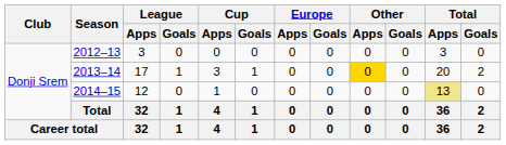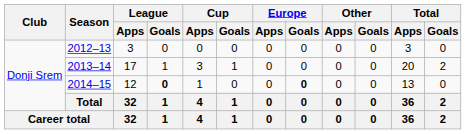 <table class="wikitable" style="text-align:center">
 <tr>
 <th rowspan="2">Club</th>
 <th rowspan="2">Season</th>
 <th colspan="2">League</th>
 <th colspan="2">Cup</th>
 <th colspan="2"><a href='#'>Europe</a></th>
 <th colspan="2">Other</th>
 <th colspan="2">Total</th>
 </tr>
 <tr>
 <th>Apps</th>
 <th>Goals</th>
 <th>Apps</th>
 <th>Goals</th>
 <th>Apps</th>
 <th>Goals</th>
 <th>Apps</th>
 <th>Goals</th>
 <th>Apps</th>
 <th>Goals</th>
 </tr>
 <tr>
 <td rowspan="4"><a href='#'>Donji Srem</a></td>
 <td><a href='#'>2012–13</a></td>
 <td>3</td>
 <td>0</td>
 <td>0</td>
 <td>0</td>
 <td>0</td>
 <td>0</td>
 <td>0</td>
 <td>0</td>
 <td>3</td>
 <td>0</td>
 </tr>
 <tr>
 <td><a href='#'>2013–14</a></td>
 <td>17</td>
 <td>1</td>
 <td>3</td>
 <td>1</td>
 <td>0</td>
 <td>0</td>
-<td style="background: gold;">0</td>
+<td>0</td>
 <td>0</td>
 <td>20</td>
 <td>2</td>
 </tr>
 <tr>
 <td><a href='#'>2014–15</a></td>
 <td>12</td>
-<td>0</td>
+<td><strong>0</strong></td>
 <td>1</td>
 <td>0</td>
 <td>0</td>
+<td><strong>0</strong></td>
 <td>0</td>
 <td>0</td>
-<td>0</td>
-<td style="background: khaki;">13</td>
+<td>13</td>
 <td>0</td>
 </tr>
 <tr>
 <th>Total</th>
 <th>32</th>
 <th>1</th>
 <th>4</th>
 <th>1</th>
 <th>0</th>
 <th>0</th>
 <th>0</th>
 <th>0</th>
 <th>36</th>
 <th>2</th>
 </tr>
 <tr>
 <th colspan="2">Career total</th>
 <th>32</th>
 <th>1</th>
 <th>4</th>
 <th>1</th>
 <th>0</th>
 <th>0</th>
 <th>0</th>
 <th>0</th>
 <th>36</th>
 <th>2</th>
 </tr>
 </table>
